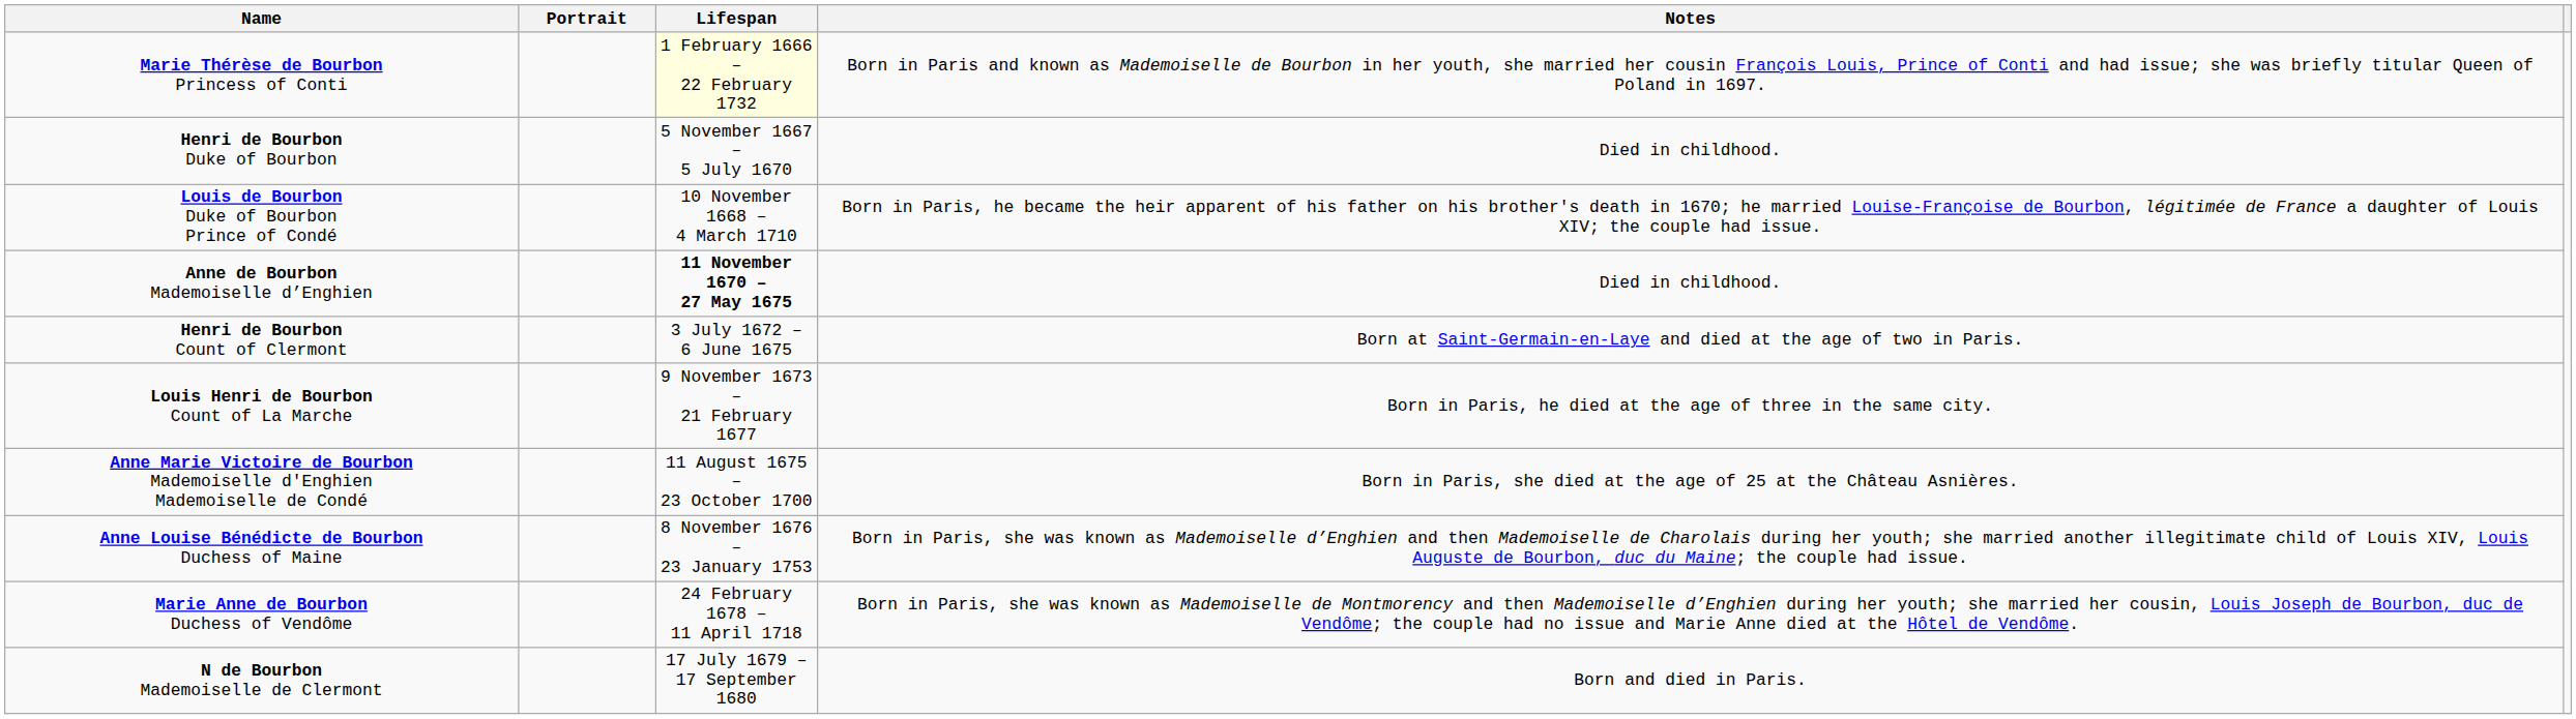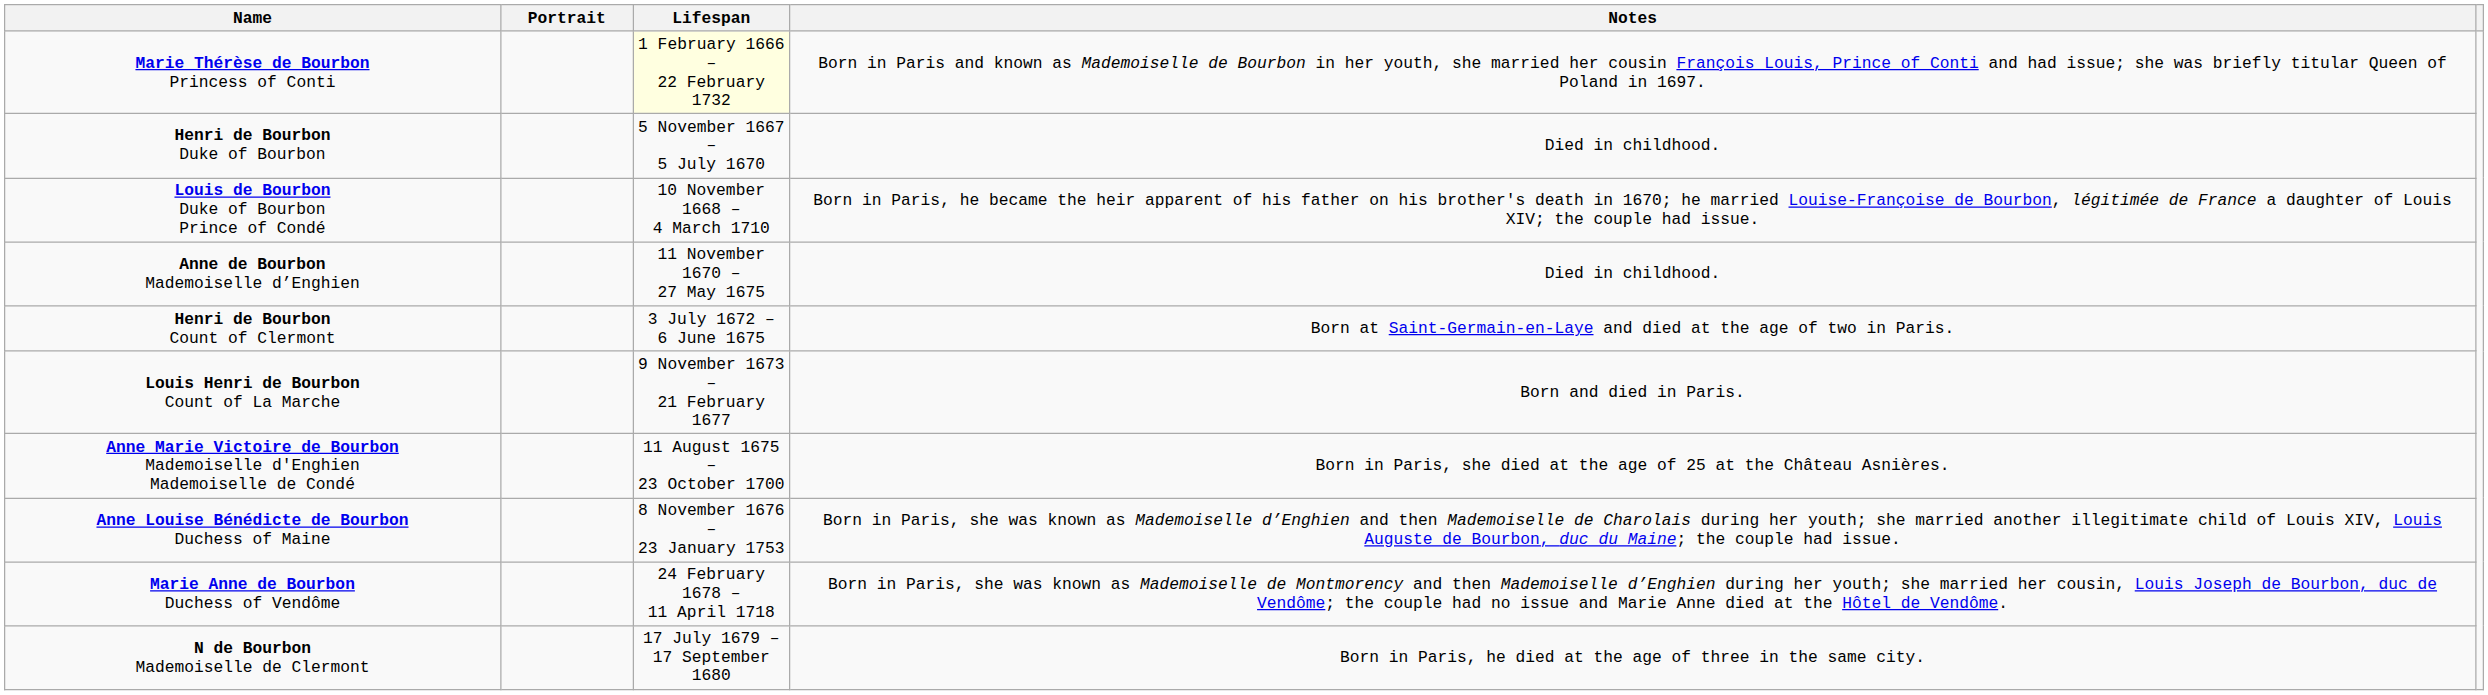 <table style="text-align:center; width:100%" class="wikitable">
 <tr>
 <th width=20%>Name</th>
 <th width=100px>Portrait</th>
 <th>Lifespan</th>
 <th>Notes</th>
 <th></th>
 </tr>
 <tr>
 <td><strong><a href='#'>Marie Thérèse de Bourbon</a></strong><br>Princess of Conti</td>
 <td></td>
 <td style="background: lightyellow;">1 February 1666 –<br> 22 February 1732</td>
 <td>Born in Paris and known as <em>Mademoiselle de Bourbon</em> in her youth, she married her cousin <a href='#'>François Louis, Prince of Conti</a> and had issue; she was briefly titular Queen of Poland in 1697.</td>
 </tr>
 <tr>
 <td><strong>Henri de Bourbon</strong><br>Duke of Bourbon</td>
 <td></td>
 <td>5 November 1667 –<br> 5 July 1670</td>
 <td>Died in childhood.</td>
 </tr>
 <tr>
 <td><strong> <a href='#'>Louis de Bourbon</a></strong><br>Duke of Bourbon<br>Prince of Condé</td>
 <td></td>
 <td>10 November 1668 –<br> 4 March 1710</td>
 <td>Born in Paris, he became the heir apparent of his father on his brother's death in 1670; he married <a href='#'>Louise-Françoise de Bourbon</a>, <em>légitimée de France</em> a daughter of Louis XIV; the couple had issue.</td>
 </tr>
 <tr>
 <td><strong> Anne de Bourbon</strong><br> Mademoiselle d’Enghien</td>
 <td></td>
-<td><strong>11 November 1670 –<br> 27 May 1675</strong></td>
+<td>11 November 1670 –<br> 27 May 1675</td>
 <td>Died in childhood.</td>
 </tr>
 <tr>
 <td><strong>Henri de Bourbon</strong><br>Count of Clermont</td>
 <td></td>
 <td>3 July 1672 –<br> 6 June 1675</td>
 <td>Born at <a href='#'>Saint-Germain-en-Laye</a> and died at the age of two in Paris.</td>
 </tr>
 <tr>
 <td><strong>Louis Henri de Bourbon</strong><br>Count of La Marche</td>
 <td></td>
 <td>9 November 1673 –<br>21 February 1677</td>
-<td>Born in Paris, he died at the age of three in the same city.</td>
+<td>Born and died in Paris.</td>
 </tr>
 <tr>
 <td><strong><a href='#'>Anne Marie Victoire de Bourbon</a></strong><br>Mademoiselle d'Enghien<br>Mademoiselle de Condé</td>
 <td></td>
 <td>11 August 1675 –<br> 23 October 1700</td>
 <td>Born in Paris, she died at the age of 25 at the Château Asnières.</td>
 </tr>
 <tr>
 <td><strong><a href='#'>Anne Louise Bénédicte de Bourbon</a></strong><br>Duchess of Maine</td>
 <td></td>
 <td>8 November 1676 – <br> 23 January 1753</td>
 <td>Born in Paris, she was known as <em>Mademoiselle d’Enghien</em> and then <em>Mademoiselle de Charolais</em> during her youth; she married another illegitimate child of Louis XIV, <a href='#'>Louis Auguste de Bourbon, <em>duc du Maine</em></a>; the couple had issue.</td>
 </tr>
 <tr>
 <td><strong> <a href='#'>Marie Anne de Bourbon</a></strong><br>Duchess of Vendôme</td>
 <td></td>
 <td>24 February 1678 –<br> 11 April 1718</td>
 <td>Born in Paris, she was known as <em>Mademoiselle de Montmorency</em> and then <em>Mademoiselle d’Enghien</em> during her youth; she married her cousin, <a href='#'>Louis Joseph de Bourbon, duc de Vendôme</a>; the couple had no issue and Marie Anne died at the <a href='#'>Hôtel de Vendôme</a>.</td>
 </tr>
 <tr>
 <td><strong>N de Bourbon</strong><br>Mademoiselle de Clermont</td>
 <td></td>
 <td>17 July 1679 –<br> 17 September 1680</td>
-<td>Born and died in Paris.</td>
+<td>Born in Paris, he died at the age of three in the same city.</td>
 </tr>
 </table>
